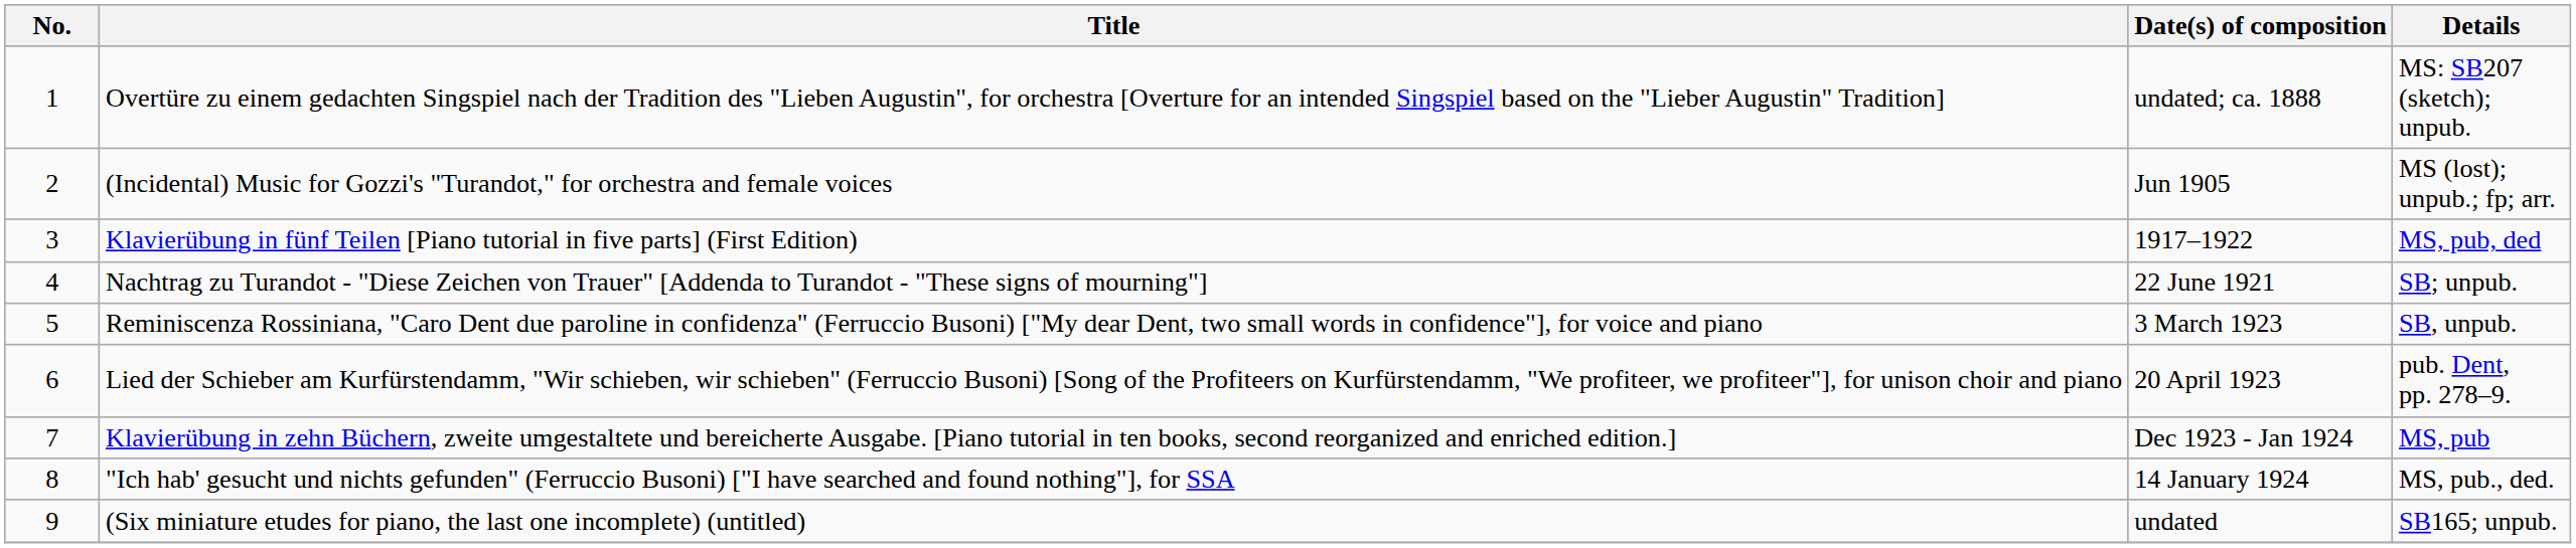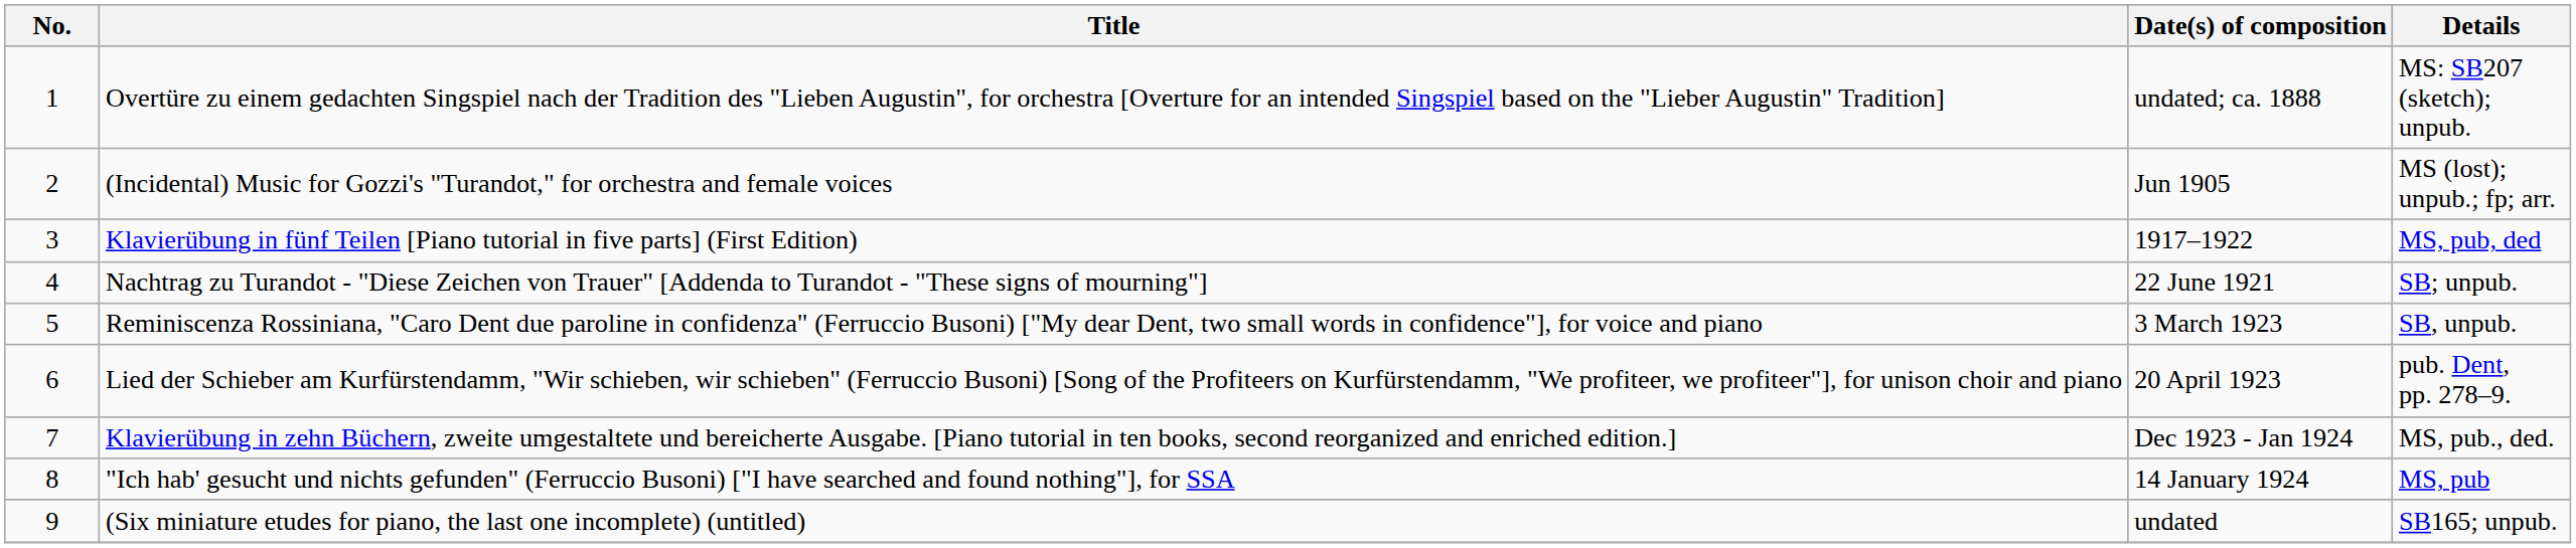 <table class="wikitable">
 <tr>
 <th width="50">No.</th>
 <th>Title</th>
 <th>Date(s) of composition</th>
 <th width="100">Details</th>
 </tr>
 <tr>
 <td align="center">1</td>
 <td>Overtüre zu einem gedachten Singspiel nach der Tradition des "Lieben Augustin", for orchestra [Overture for an intended <a href='#'>Singspiel</a> based on the "Lieber Augustin" Tradition]</td>
 <td>undated; ca. 1888</td>
 <td>MS: <a href='#'>SB</a>207 (sketch); unpub.</td>
 </tr>
 <tr>
 <td align="center">2</td>
 <td>(Incidental) Music for Gozzi's "Turandot," for orchestra and female voices</td>
 <td>Jun 1905</td>
 <td>MS (lost); unpub.; fp; arr.</td>
 </tr>
 <tr>
 <td align="center">3</td>
 <td><a href='#'>Klavierübung in fünf Teilen</a> [Piano tutorial in five parts] (First Edition)</td>
 <td>1917–1922</td>
 <td><a href='#'>MS, pub, ded</a></td>
 </tr>
 <tr>
 <td align="center">4</td>
 <td>Nachtrag zu Turandot - "Diese Zeichen von Trauer" [Addenda to Turandot - "These signs of mourning"]</td>
 <td>22 June 1921</td>
 <td><a href='#'>SB</a>; unpub.</td>
 </tr>
 <tr>
 <td align="center">5</td>
 <td>Reminiscenza Rossiniana, "Caro Dent due paroline in confidenza" (Ferruccio Busoni) ["My dear Dent, two small words in confidence"], for voice and piano</td>
 <td>3 March 1923</td>
 <td><a href='#'>SB</a>, unpub.</td>
 </tr>
 <tr>
 <td align="center">6</td>
 <td>Lied der Schieber am Kurfürstendamm, "Wir schieben, wir schieben" (Ferruccio Busoni) [Song of the Profiteers on Kurfürstendamm, "We profiteer, we profiteer"], for unison choir and piano</td>
 <td>20 April 1923</td>
 <td>pub. <a href='#'>Dent</a>, pp. 278–9.</td>
 </tr>
 <tr>
 <td align="center">7</td>
 <td><a href='#'>Klavierübung in zehn Büchern</a>, zweite umgestaltete und bereicherte Ausgabe. [Piano tutorial in ten books, second reorganized and enriched edition.]</td>
 <td>Dec 1923 - Jan 1924</td>
-<td><a href='#'>MS, pub</a></td>
+<td>MS, pub., ded.</td>
 </tr>
 <tr>
 <td align="center">8</td>
 <td>"Ich hab' gesucht und nichts gefunden" (Ferruccio Busoni) ["I have searched and found nothing"], for <a href='#'>SSA</a></td>
 <td>14 January 1924</td>
-<td>MS, pub., ded.</td>
+<td><a href='#'>MS, pub</a></td>
 </tr>
 <tr>
 <td align="center">9</td>
 <td>(Six miniature etudes for piano, the last one incomplete) (untitled)</td>
 <td>undated</td>
 <td><a href='#'>SB</a>165; unpub.</td>
 </tr>
 <tr>
 </tr>
 </table>
